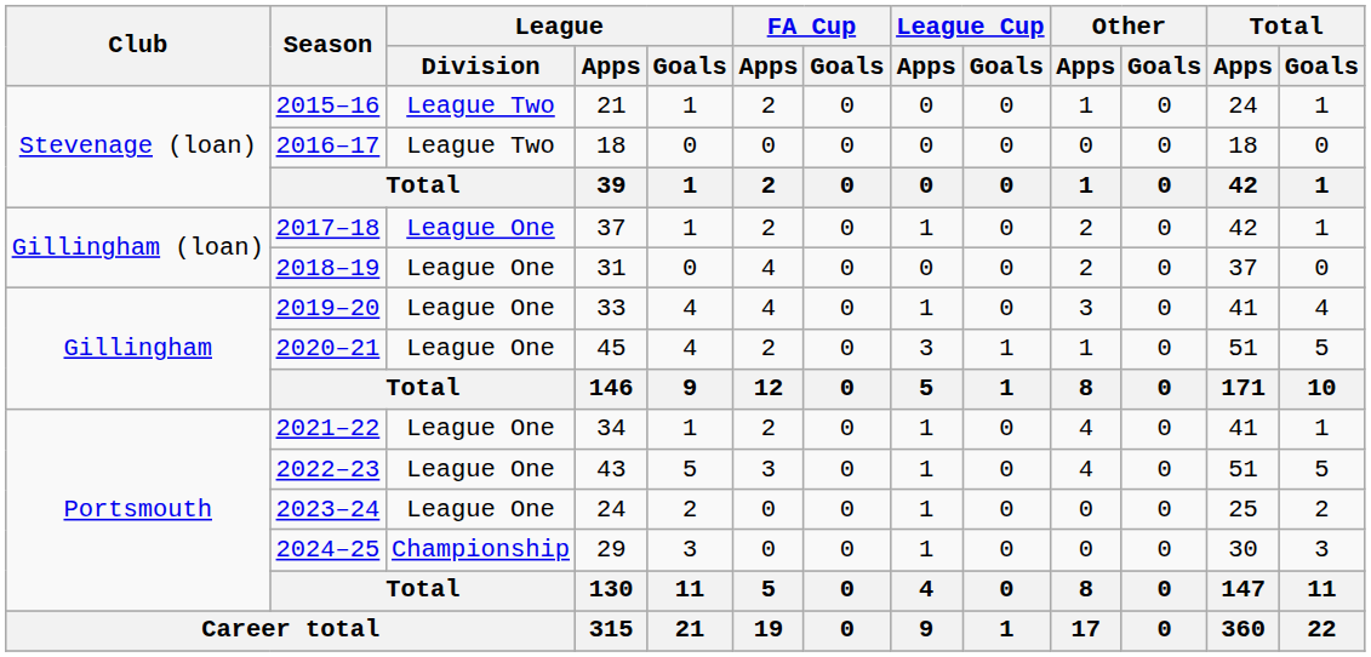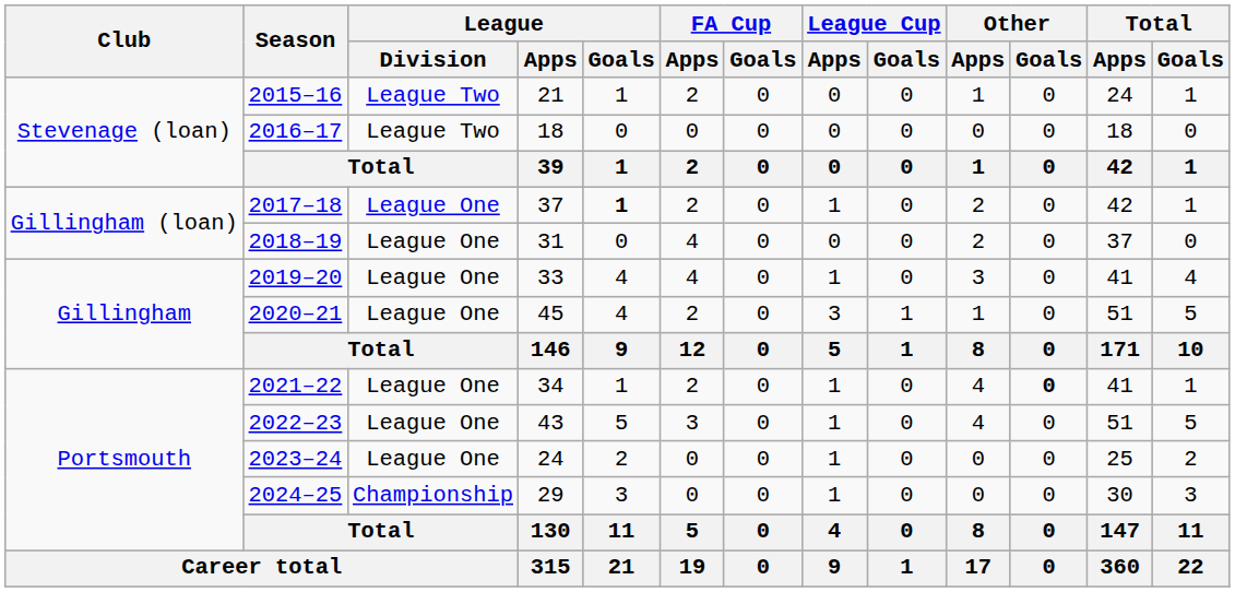 <table class="wikitable" style="text-align:center">
 <tr>
 <th rowspan="2">Club</th>
 <th rowspan="2">Season</th>
 <th colspan="3">League</th>
 <th colspan="2"><a href='#'>FA Cup</a></th>
 <th colspan="2"><a href='#'>League Cup</a></th>
 <th colspan="2">Other</th>
 <th colspan="2">Total</th>
 </tr>
 <tr>
 <th>Division</th>
 <th>Apps</th>
 <th>Goals</th>
 <th>Apps</th>
 <th>Goals</th>
 <th>Apps</th>
 <th>Goals</th>
 <th>Apps</th>
 <th>Goals</th>
 <th>Apps</th>
 <th>Goals</th>
 </tr>
 <tr>
 <td rowspan=3><a href='#'>Stevenage</a> (loan)</td>
 <td><a href='#'>2015–16</a></td>
 <td><a href='#'>League Two</a></td>
 <td>21</td>
 <td>1</td>
 <td>2</td>
 <td>0</td>
 <td>0</td>
 <td>0</td>
 <td>1</td>
 <td>0</td>
 <td>24</td>
 <td>1</td>
 </tr>
 <tr>
 <td><a href='#'>2016–17</a></td>
 <td>League Two</td>
 <td>18</td>
 <td>0</td>
 <td>0</td>
 <td>0</td>
 <td>0</td>
 <td>0</td>
 <td>0</td>
 <td>0</td>
 <td>18</td>
 <td>0</td>
 </tr>
 <tr>
 <th colspan=2>Total</th>
 <th>39</th>
 <th>1</th>
 <th>2</th>
 <th>0</th>
 <th>0</th>
 <th>0</th>
 <th>1</th>
 <th>0</th>
 <th>42</th>
 <th>1</th>
 </tr>
 <tr>
 <td rowspan=2><a href='#'>Gillingham</a> (loan)</td>
 <td><a href='#'>2017–18</a></td>
 <td><a href='#'>League One</a></td>
 <td>37</td>
-<td>1</td>
+<td><strong>1</strong></td>
 <td>2</td>
 <td>0</td>
 <td>1</td>
 <td>0</td>
 <td>2</td>
 <td>0</td>
 <td>42</td>
 <td>1</td>
 </tr>
 <tr>
 <td><a href='#'>2018–19</a></td>
 <td>League One</td>
 <td>31</td>
 <td>0</td>
 <td>4</td>
 <td>0</td>
 <td>0</td>
 <td>0</td>
 <td>2</td>
 <td>0</td>
 <td>37</td>
 <td>0</td>
 </tr>
 <tr>
 <td rowspan=3><a href='#'>Gillingham</a></td>
 <td><a href='#'>2019–20</a></td>
 <td>League One</td>
 <td>33</td>
 <td>4</td>
 <td>4</td>
 <td>0</td>
 <td>1</td>
 <td>0</td>
 <td>3</td>
 <td>0</td>
 <td>41</td>
 <td>4</td>
 </tr>
 <tr>
 <td><a href='#'>2020–21</a></td>
 <td>League One</td>
 <td>45</td>
 <td>4</td>
 <td>2</td>
 <td>0</td>
 <td>3</td>
 <td>1</td>
 <td>1</td>
 <td>0</td>
 <td>51</td>
 <td>5</td>
 </tr>
 <tr>
 <th colspan=2>Total</th>
 <th>146</th>
 <th>9</th>
 <th>12</th>
 <th>0</th>
 <th>5</th>
 <th>1</th>
 <th>8</th>
 <th>0</th>
 <th>171</th>
 <th>10</th>
 </tr>
 <tr>
 <td rowspan="5"><a href='#'>Portsmouth</a></td>
 <td><a href='#'>2021–22</a></td>
 <td>League One</td>
 <td>34</td>
 <td>1</td>
 <td>2</td>
 <td>0</td>
 <td>1</td>
 <td>0</td>
 <td>4</td>
-<td>0</td>
+<td><strong>0</strong></td>
 <td>41</td>
 <td>1</td>
 </tr>
 <tr>
 <td><a href='#'>2022–23</a></td>
 <td>League One</td>
 <td>43</td>
 <td>5</td>
 <td>3</td>
 <td>0</td>
 <td>1</td>
 <td>0</td>
 <td>4</td>
 <td>0</td>
 <td>51</td>
 <td>5</td>
 </tr>
 <tr>
 <td><a href='#'>2023–24</a></td>
 <td>League One</td>
 <td>24</td>
 <td>2</td>
 <td>0</td>
 <td>0</td>
 <td>1</td>
 <td>0</td>
 <td>0</td>
 <td>0</td>
 <td>25</td>
 <td>2</td>
 </tr>
 <tr>
 <td><a href='#'>2024–25</a></td>
 <td><a href='#'>Championship</a></td>
 <td>29</td>
 <td>3</td>
 <td>0</td>
 <td>0</td>
 <td>1</td>
 <td>0</td>
 <td>0</td>
 <td>0</td>
 <td>30</td>
 <td>3</td>
 </tr>
 <tr>
 <th colspan="2">Total</th>
 <th>130</th>
 <th>11</th>
 <th>5</th>
 <th>0</th>
 <th>4</th>
 <th>0</th>
 <th>8</th>
 <th>0</th>
 <th>147</th>
 <th>11</th>
 </tr>
 <tr>
 <th colspan="3">Career total</th>
 <th>315</th>
 <th>21</th>
 <th>19</th>
 <th>0</th>
 <th>9</th>
 <th>1</th>
 <th>17</th>
 <th>0</th>
 <th>360</th>
 <th>22</th>
 </tr>
 </table>
